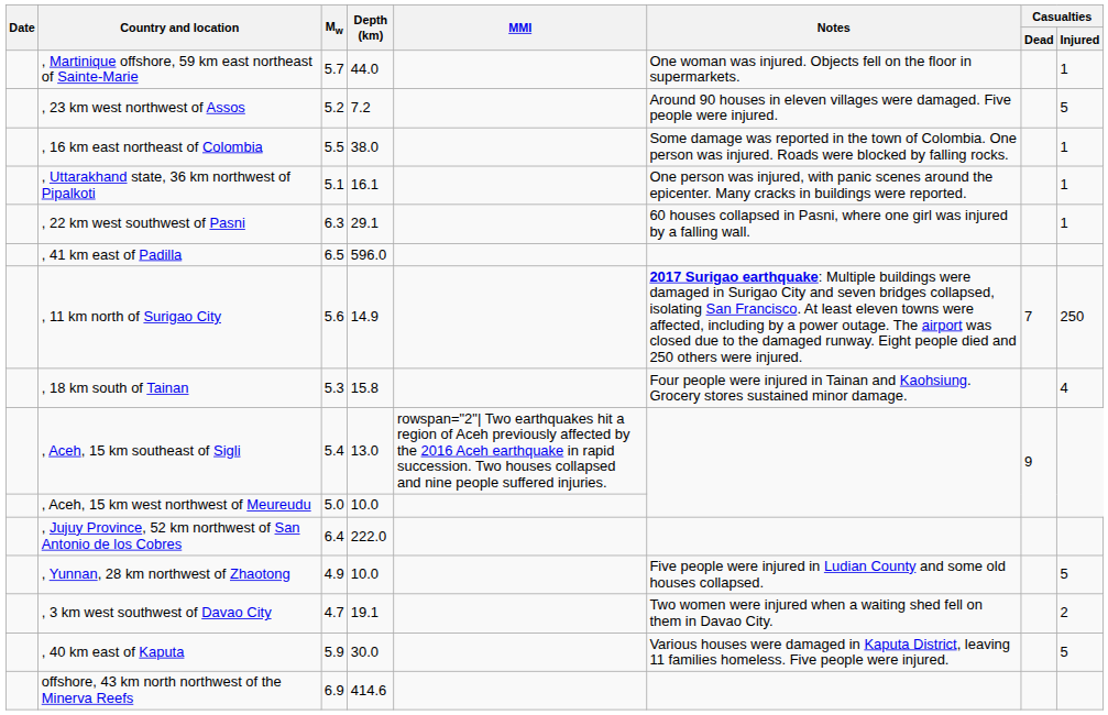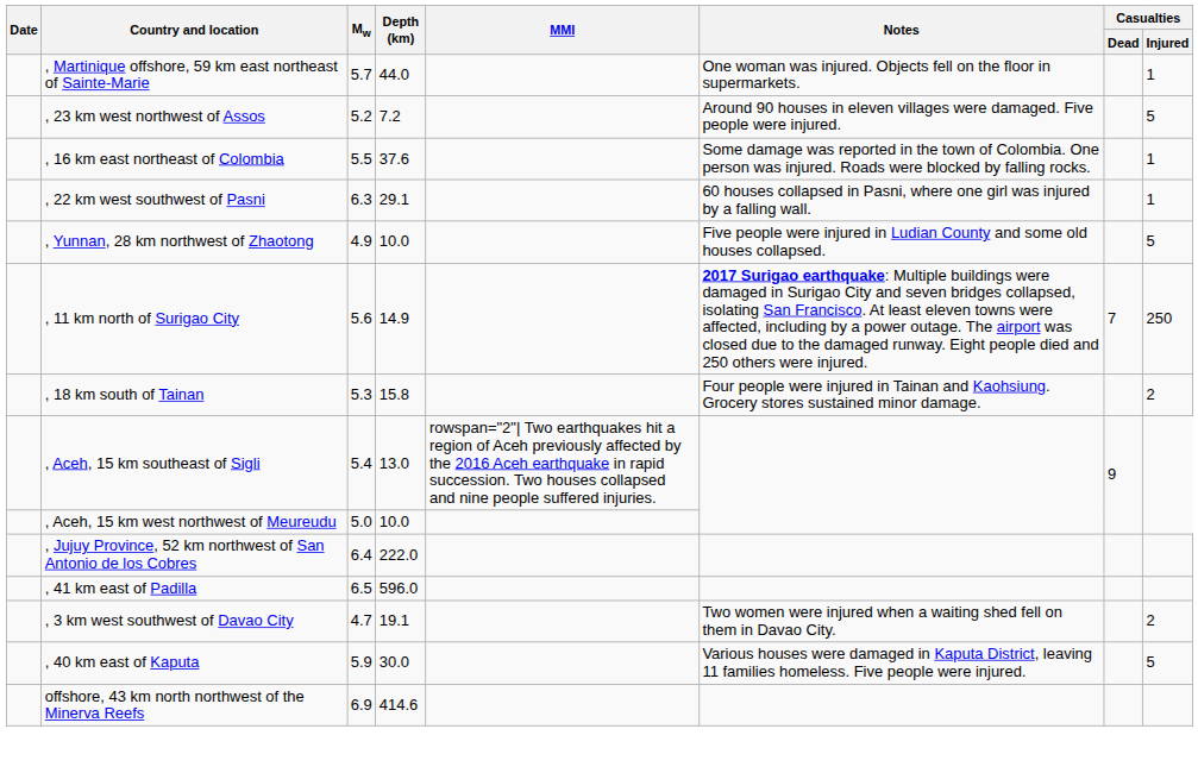 <table class="wikitable sortable sort-under" style="border:1px black; margin-left:1em;">
 <tr>
 <th rowspan="2"><small>Date</small></th>
 <th rowspan="2" style="width: 310px"><small>Country and location</small></th>
 <th rowspan="2"><small>M<sub>w</sub></small></th>
 <th rowspan="2"><small>Depth (km)</small></th>
 <th rowspan="2"><small><a href='#'>MMI</a></small></th>
 <th rowspan="2" class="unsortable"><small>Notes</small></th>
 <th colspan="2"><small>Casualties</small></th>
 </tr>
 <tr>
 <th><small>Dead</small></th>
 <th><small>Injured</small></th>
 </tr>
 <tr>
 <td></td>
 <td>, <a href='#'>Martinique</a> offshore, 59 km east northeast of <a href='#'>Sainte-Marie</a></td>
 <td>5.7</td>
 <td>44.0</td>
 <td></td>
 <td>One woman was injured. Objects fell on the floor in supermarkets.</td>
 <td></td>
 <td>1</td>
 </tr>
 <tr>
 <td></td>
 <td>, 23 km west northwest of <a href='#'>Assos</a></td>
 <td>5.2</td>
 <td>7.2</td>
 <td></td>
 <td>Around 90 houses in eleven villages were damaged. Five people were injured.</td>
 <td></td>
 <td>5</td>
 </tr>
 <tr>
 <td></td>
 <td>, 16 km east northeast of <a href='#'>Colombia</a></td>
 <td>5.5</td>
-<td>38.0</td>
+<td>37.6</td>
 <td></td>
 <td>Some damage was reported in the town of Colombia. One person was injured. Roads were blocked by falling rocks.</td>
-<td></td>
-<td>1</td>
-</tr>
-<tr>
-<td></td>
-<td>, <a href='#'>Uttarakhand</a> state, 36 km northwest of <a href='#'>Pipalkoti</a></td>
-<td>5.1</td>
-<td>16.1</td>
-<td></td>
-<td>One person was injured, with panic scenes around the epicenter. Many cracks in buildings were reported.</td>
 <td></td>
 <td>1</td>
 </tr>
 <tr>
 <td></td>
 <td>, 22 km west southwest of <a href='#'>Pasni</a></td>
 <td>6.3</td>
 <td>29.1</td>
 <td></td>
 <td>60 houses collapsed in Pasni, where one girl was injured by a falling wall.</td>
 <td></td>
 <td>1</td>
 </tr>
 <tr>
 <td></td>
-<td>, 41 km east of <a href='#'>Padilla</a></td>
-<td>6.5</td>
-<td>596.0</td>
+<td>, <a href='#'>Yunnan</a>, 28 km northwest of <a href='#'>Zhaotong</a></td>
+<td>4.9</td>
+<td>10.0</td>
 <td></td>
+<td>Five people were injured in <a href='#'>Ludian County</a> and some old houses collapsed.</td>
 <td></td>
-<td></td>
-<td></td>
+<td>5</td>
 </tr>
 <tr>
 <td></td>
 <td>, 11 km north of <a href='#'>Surigao City</a></td>
 <td>5.6</td>
 <td>14.9</td>
 <td></td>
 <td><strong><a href='#'>2017 Surigao earthquake</a></strong>: Multiple buildings were damaged in Surigao City and seven bridges collapsed, isolating <a href='#'>San Francisco</a>. At least eleven towns were affected, including by a power outage. The <a href='#'>airport</a> was closed due to the damaged runway. Eight people died and 250 others were injured.</td>
 <td>7</td>
 <td>250</td>
 </tr>
 <tr>
 <td></td>
 <td>, 18 km south of <a href='#'>Tainan</a></td>
 <td>5.3</td>
 <td>15.8</td>
 <td></td>
 <td>Four people were injured in Tainan and <a href='#'>Kaohsiung</a>. Grocery stores sustained minor damage.</td>
 <td></td>
-<td>4</td>
+<td>2</td>
 </tr>
 <tr>
 <td></td>
 <td>, <a href='#'>Aceh</a>, 15 km southeast of <a href='#'>Sigli</a></td>
 <td>5.4</td>
 <td>13.0</td>
 <td>rowspan="2"| Two earthquakes hit a region of Aceh previously affected by the <a href='#'>2016 Aceh earthquake</a> in rapid succession. Two houses collapsed and nine people suffered injuries.</td>
 <td rowspan="2"></td>
 <td rowspan="2">9</td>
 </tr>
 <tr>
 <td></td>
 <td>, Aceh, 15 km west northwest of <a href='#'>Meureudu</a></td>
 <td>5.0</td>
 <td>10.0</td>
 <td></td>
 </tr>
 <tr>
 <td></td>
 <td>, <a href='#'>Jujuy Province</a>, 52 km northwest of <a href='#'>San Antonio de los Cobres</a></td>
 <td>6.4</td>
 <td>222.0</td>
 <td></td>
 <td></td>
 <td></td>
 <td></td>
 </tr>
 <tr>
 <td></td>
-<td>, <a href='#'>Yunnan</a>, 28 km northwest of <a href='#'>Zhaotong</a></td>
-<td>4.9</td>
-<td>10.0</td>
+<td>, 41 km east of <a href='#'>Padilla</a></td>
+<td>6.5</td>
+<td>596.0</td>
 <td></td>
-<td>Five people were injured in <a href='#'>Ludian County</a> and some old houses collapsed.</td>
 <td></td>
-<td>5</td>
+<td></td>
+<td></td>
 </tr>
 <tr>
 <td></td>
 <td>, 3 km west southwest of <a href='#'>Davao City</a></td>
 <td>4.7</td>
 <td>19.1</td>
 <td></td>
 <td>Two women were injured when a waiting shed fell on them in Davao City.</td>
 <td></td>
 <td>2</td>
 </tr>
 <tr>
 <td></td>
 <td>, 40 km east of <a href='#'>Kaputa</a></td>
 <td>5.9</td>
 <td>30.0</td>
 <td></td>
 <td>Various houses were damaged in <a href='#'>Kaputa District</a>, leaving 11 families homeless. Five people were injured.</td>
 <td></td>
 <td>5</td>
 </tr>
 <tr>
 <td></td>
 <td> offshore, 43 km north northwest of the <a href='#'>Minerva Reefs</a></td>
 <td>6.9</td>
 <td>414.6</td>
 <td></td>
 <td></td>
 <td></td>
 <td></td>
 </tr>
 </table>
